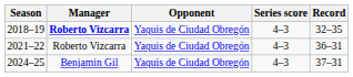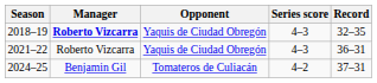 <table class="wikitable">
 <tr>
 <th>Season</th>
 <th>Manager</th>
 <th>Opponent</th>
 <th>Series score</th>
 <th>Record</th>
 </tr>
 <tr style="text-align:center;">
 <td>2018–19</td>
 <td><strong><a href='#'>Roberto Vizcarra</a></strong></td>
 <td><a href='#'>Yaquis de Ciudad Obregón</a></td>
 <td>4–3</td>
 <td>32–35</td>
 </tr>
 <tr style="text-align:center;">
 <td>2021–22</td>
 <td>Roberto Vizcarra</td>
 <td><a href='#'>Yaquis de Ciudad Obregón</a></td>
 <td>4–3</td>
 <td>36–31</td>
 </tr>
 <tr style="text-align:center;">
 <td>2024–25</td>
 <td><a href='#'>Benjamin Gil</a></td>
-<td><a href='#'>Yaquis de Ciudad Obregón</a></td>
-<td>4–3</td>
+<td><a href='#'>Tomateros de Culiacán</a></td>
+<td>4–2</td>
 <td>37–31</td>
 </tr>
 </table>
